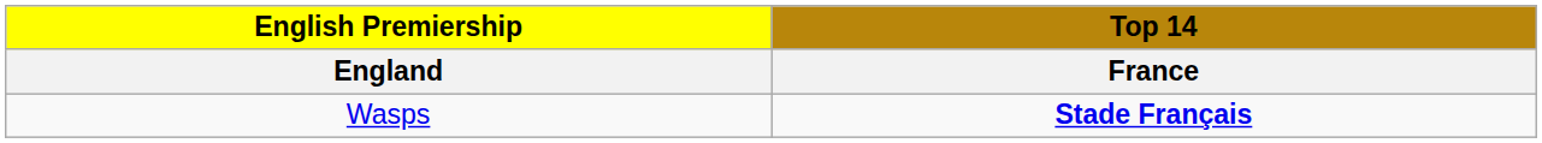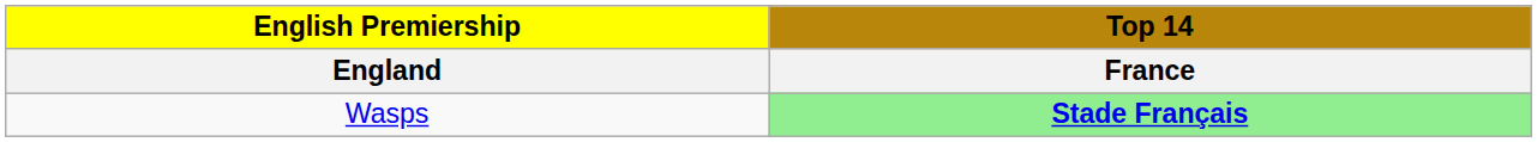 <table class="wikitable" style="margin: 1em auto 1em auto;">
 <tr>
 <th style="background:#ffff00">English Premiership</th>
 <th style="background:#b8860b">Top 14</th>
 </tr>
 <tr>
 <th width=16%> England</th>
 <th width=16%> France</th>
 </tr>
 <tr>
 <td style="text-align:center"><a href='#'>Wasps</a></td>
-<td style="text-align:center"><strong><a href='#'>Stade Français</a></strong></td>
+<td style="background: lightgreen; text-align:center"><strong><a href='#'>Stade Français</a></strong></td>
 </tr>
 </table>
